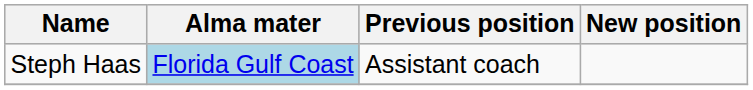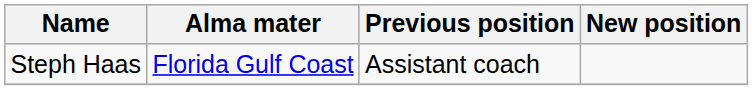 <table class="wikitable sortable" border="1">
 <tr align=center>
 <th>Name</th>
 <th>Alma mater</th>
 <th>Previous position</th>
 <th>New position</th>
 </tr>
 <tr>
 <td>Steph Haas</td>
-<td style="background: lightblue;"><a href='#'>Florida Gulf Coast</a></td>
+<td><a href='#'>Florida Gulf Coast</a></td>
 <td>Assistant coach</td>
 <td></td>
 </tr>
 <tr>
 </tr>
 </table>
